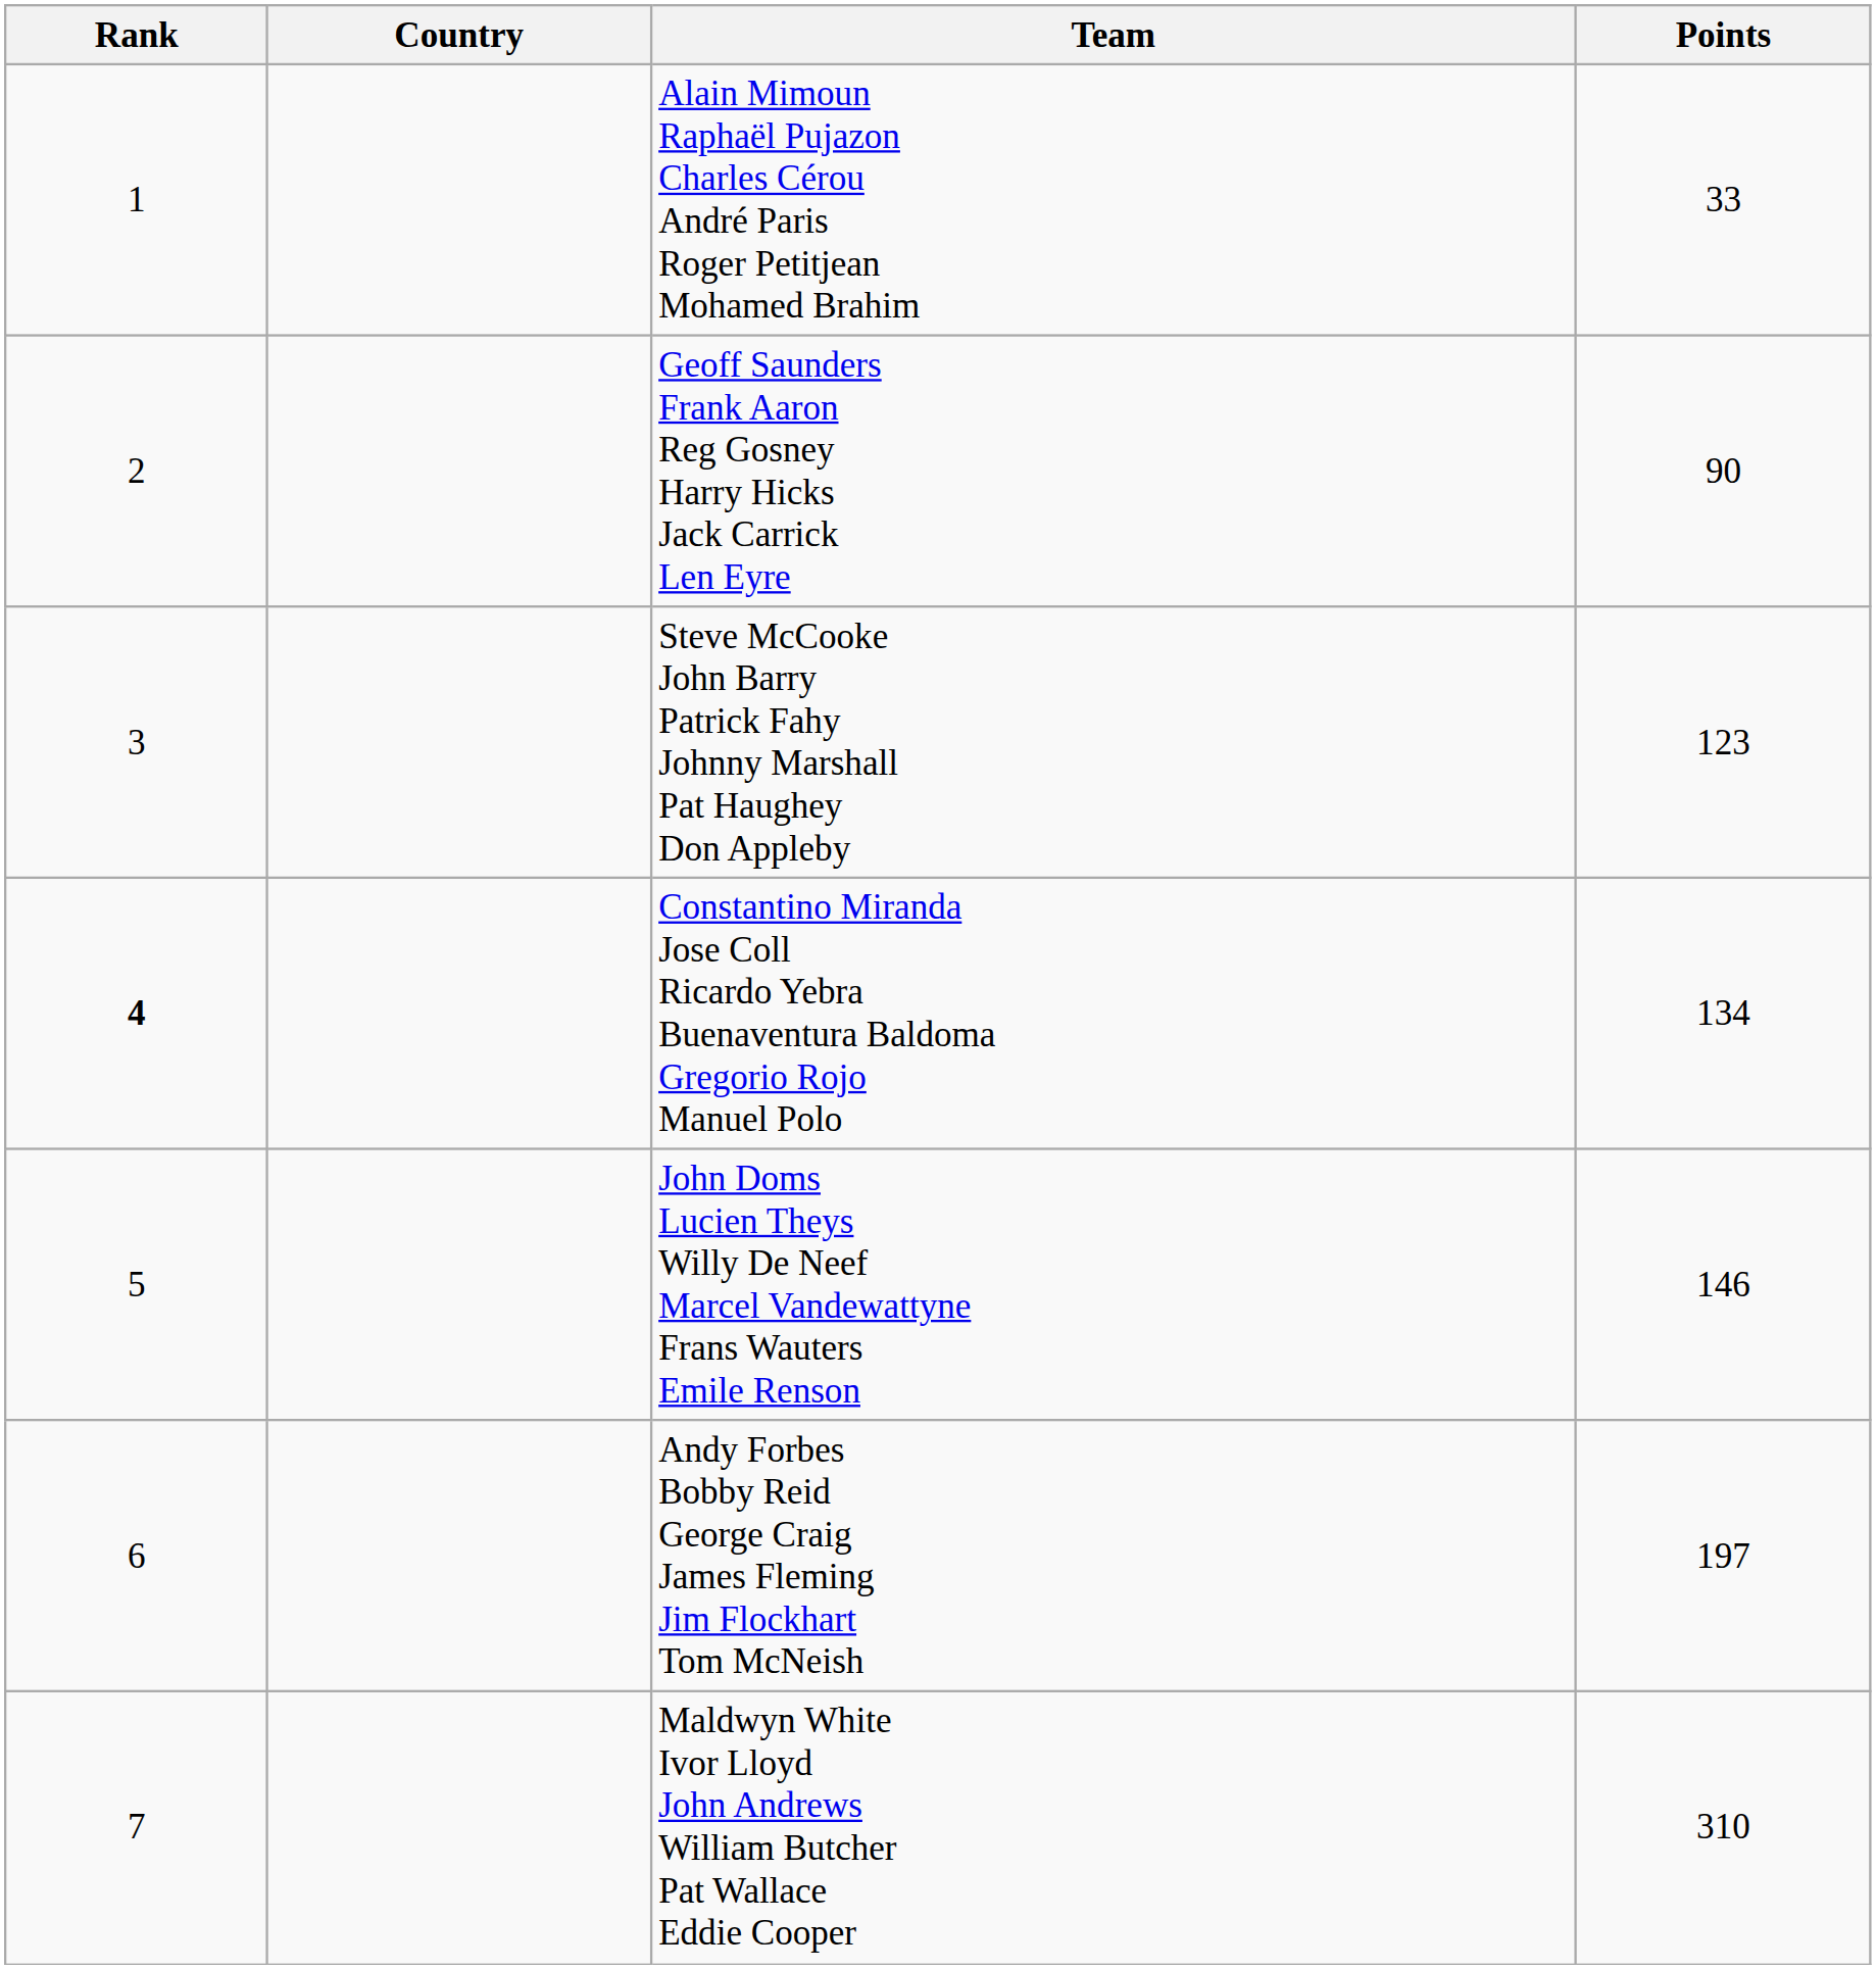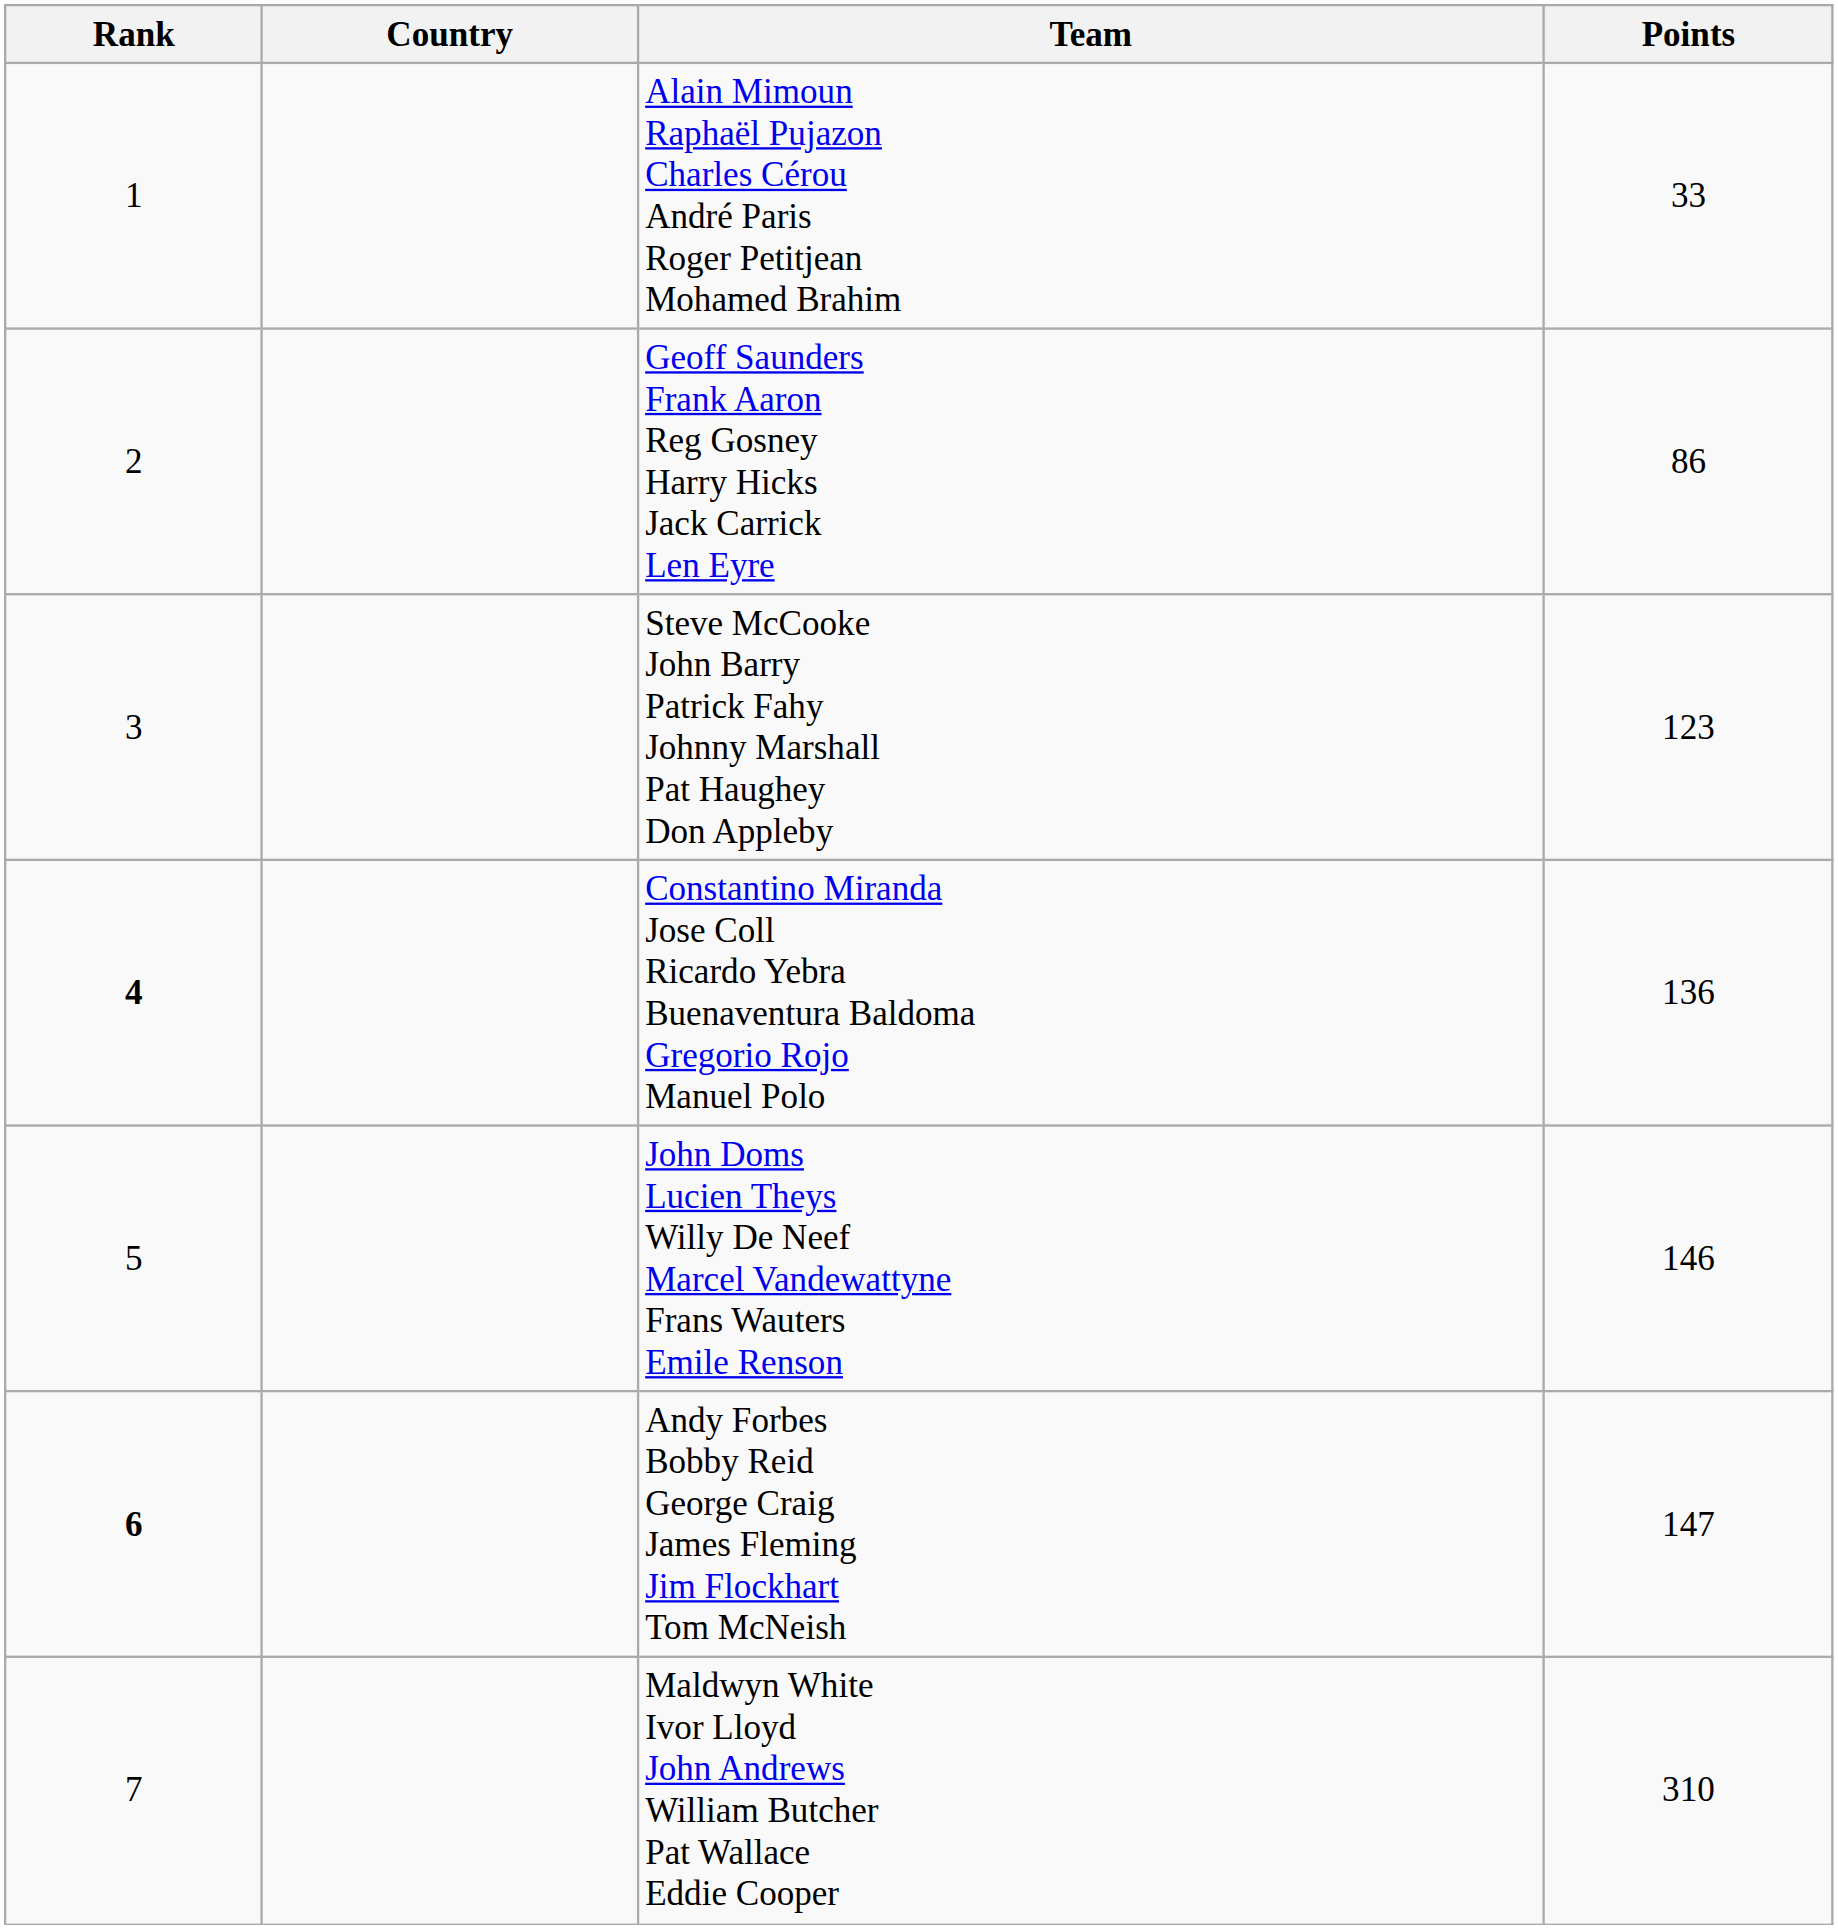 <table class="wikitable sortable" style=" text-align:center; font-size:95%;" width="50%">
 <tr>
 <th>Rank</th>
 <th>Country</th>
 <th>Team</th>
 <th>Points</th>
 </tr>
 <tr>
 <td align=center>1</td>
 <td align=left></td>
 <td align=left><a href='#'>Alain Mimoun</a><br><a href='#'>Raphaël Pujazon</a><br><a href='#'>Charles Cérou</a><br>André Paris<br>Roger Petitjean<br>Mohamed Brahim</td>
 <td>33</td>
 </tr>
 <tr>
 <td align=center>2</td>
 <td align=left></td>
 <td align=left><a href='#'>Geoff Saunders</a><br><a href='#'>Frank Aaron</a><br>Reg Gosney<br>Harry Hicks<br>Jack Carrick<br><a href='#'>Len Eyre</a></td>
-<td>90</td>
+<td>86</td>
 </tr>
 <tr>
 <td align=center>3</td>
 <td align=left></td>
 <td align=left>Steve McCooke<br>John Barry<br>Patrick Fahy<br>Johnny Marshall<br>Pat Haughey<br>Don Appleby</td>
 <td>123</td>
 </tr>
 <tr>
 <td align=center><strong>4</strong></td>
 <td align=left></td>
 <td align=left><a href='#'>Constantino Miranda</a><br>Jose Coll<br>Ricardo Yebra<br>Buenaventura Baldoma<br><a href='#'>Gregorio Rojo</a><br>Manuel Polo</td>
-<td>134</td>
+<td>136</td>
 </tr>
 <tr>
 <td align=center>5</td>
 <td align=left></td>
 <td align=left><a href='#'>John Doms</a><br><a href='#'>Lucien Theys</a><br>Willy De Neef<br><a href='#'>Marcel Vandewattyne</a><br>Frans Wauters<br><a href='#'>Emile Renson</a></td>
 <td>146</td>
 </tr>
 <tr>
-<td align=center>6</td>
+<td align=center><strong>6</strong></td>
 <td align=left></td>
 <td align=left>Andy Forbes<br>Bobby Reid<br>George Craig<br>James Fleming<br><a href='#'>Jim Flockhart</a><br>Tom McNeish</td>
-<td>197</td>
+<td>147</td>
 </tr>
 <tr>
 <td align=center>7</td>
 <td align=left></td>
 <td align=left>Maldwyn White<br>Ivor Lloyd<br><a href='#'>John Andrews</a><br>William Butcher<br>Pat Wallace<br>Eddie Cooper</td>
 <td>310</td>
 </tr>
 </table>
